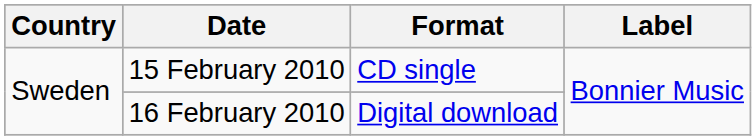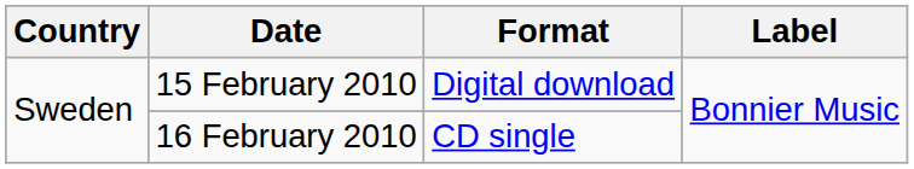 <table class="wikitable">
 <tr>
 <th>Country</th>
 <th>Date</th>
 <th>Format</th>
 <th>Label</th>
 </tr>
 <tr>
 <td rowspan=2>Sweden</td>
 <td>15 February 2010</td>
-<td><a href='#'>CD single</a></td>
+<td><a href='#'>Digital download</a></td>
 <td rowspan=2><a href='#'>Bonnier Music</a></td>
 </tr>
 <tr>
 <td>16 February 2010</td>
-<td><a href='#'>Digital download</a></td>
+<td><a href='#'>CD single</a></td>
 </tr>
 </table>
